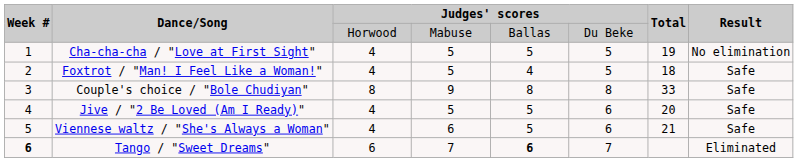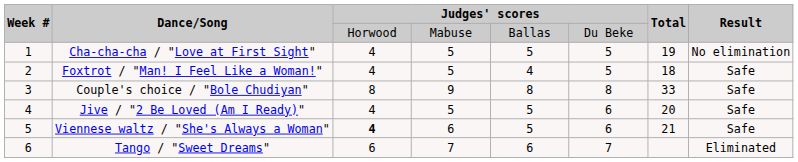 <table class="wikitable collapsible collapsed">
 <tr style="text-align: center; background:#ccc;">
 <td rowspan="2"><strong>Week #</strong></td>
 <td rowspan="2"><strong>Dance/Song</strong></td>
 <td colspan="4"><strong>Judges' scores</strong></td>
 <td rowspan="2"><strong>Total</strong></td>
 <td rowspan="2"><strong>Result</strong></td>
 </tr>
 <tr style="text-align: center; background:#ccc;">
 <td style="width:10%; ">Horwood</td>
 <td style="width:10%; ">Mabuse</td>
 <td style="width:10%; ">Ballas</td>
 <td style="width:10%; ">Du Beke</td>
 </tr>
 <tr style="text-align: center; background:#faf6f6;">
 <td>1</td>
 <td><a href='#'>Cha-cha-cha</a> / "<a href='#'>Love at First Sight</a>"</td>
 <td>4</td>
 <td>5</td>
 <td>5</td>
 <td>5</td>
 <td>19</td>
 <td>No elimination</td>
 </tr>
 <tr style="text-align: center; background:#faf6f6;">
 <td>2</td>
 <td><a href='#'>Foxtrot</a> / "<a href='#'>Man! I Feel Like a Woman!</a>"</td>
 <td>4</td>
 <td>5</td>
 <td>4</td>
 <td>5</td>
 <td>18</td>
 <td>Safe</td>
 </tr>
 <tr style="text-align: center; background:#faf6f6;">
 <td>3</td>
 <td>Couple's choice / "<a href='#'>Bole Chudiyan</a>"</td>
 <td>8</td>
 <td>9</td>
 <td>8</td>
 <td>8</td>
 <td>33</td>
 <td>Safe</td>
 </tr>
 <tr style="text-align: center; background:#faf6f6;">
 <td>4</td>
 <td><a href='#'>Jive</a> / "<a href='#'>2 Be Loved (Am I Ready)</a>"</td>
 <td>4</td>
 <td>5</td>
 <td>5</td>
 <td>6</td>
 <td>20</td>
 <td>Safe</td>
 </tr>
 <tr style="text-align: center; background:#faf6f6;">
 <td>5</td>
 <td><a href='#'>Viennese waltz</a> / "<a href='#'>She's Always a Woman</a>"</td>
-<td>4</td>
+<td><strong>4</strong></td>
 <td>6</td>
 <td>5</td>
 <td>6</td>
 <td>21</td>
 <td>Safe</td>
 </tr>
 <tr style="text-align: center; background:#faf6f6;">
-<td><strong>6</strong></td>
+<td>6</td>
 <td><a href='#'>Tango</a> / "<a href='#'>Sweet Dreams</a>"</td>
 <td>6</td>
 <td>7</td>
-<td><strong>6</strong></td>
+<td>6</td>
 <td>7</td>
 <td><em></em></td>
 <td>Eliminated</td>
 </tr>
 </table>
